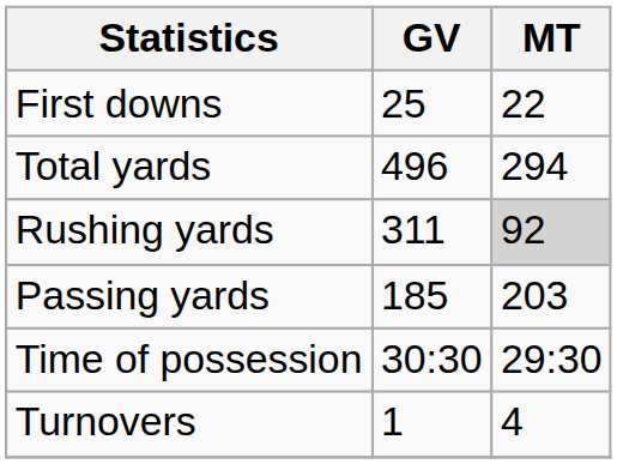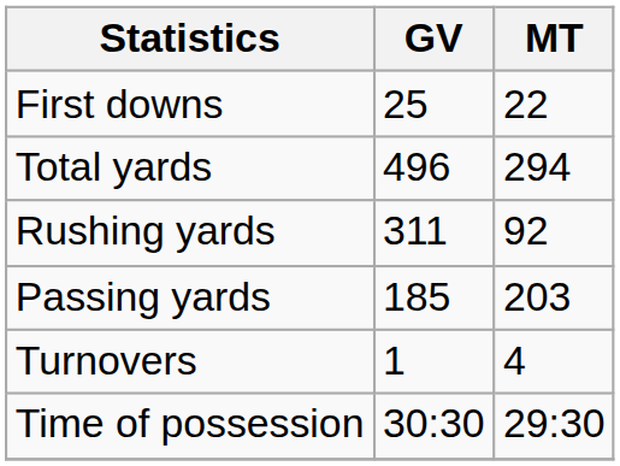 <table class="wikitable" style="float: left;">
 <tr>
 <th>Statistics</th>
 <th>GV</th>
 <th>MT</th>
 </tr>
 <tr>
 <td>First downs</td>
 <td>25</td>
 <td>22</td>
 </tr>
 <tr>
 <td>Total yards</td>
 <td>496</td>
 <td>294</td>
 </tr>
 <tr>
 <td>Rushing yards</td>
 <td>311</td>
-<td style="background: lightgrey;">92</td>
+<td>92</td>
 </tr>
 <tr>
 <td>Passing yards</td>
 <td>185</td>
 <td>203</td>
 </tr>
 <tr>
+<td>Turnovers</td>
+<td>1</td>
+<td>4</td>
+</tr>
+<tr>
 <td>Time of possession</td>
 <td>30:30</td>
 <td>29:30</td>
 </tr>
 <tr>
-<td>Turnovers</td>
-<td>1</td>
-<td>4</td>
-</tr>
-<tr>
 </tr>
 </table>
